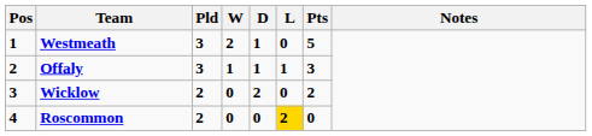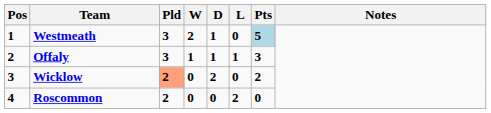 <table class="wikitable" style="text-align: centre;">
 <tr>
 <th width=20>Pos</th>
 <th width=150>Team</th>
 <th width=20>Pld</th>
 <th width=20>W</th>
 <th width=20>D</th>
 <th width=20>L</th>
 <th width=20>Pts</th>
 <th width=250>Notes</th>
 </tr>
 <tr style>
 <td><strong>1</strong></td>
 <td align=left><strong> <a href='#'>Westmeath</a> </strong></td>
 <td><strong>3</strong></td>
 <td><strong>2</strong></td>
 <td><strong>1</strong></td>
 <td><strong>0</strong></td>
-<td><strong>5</strong></td>
+<td style="background: lightblue;"><strong>5</strong></td>
 </tr>
 <tr style>
 <td><strong>2</strong></td>
 <td align=left><strong> <a href='#'>Offaly</a> </strong></td>
 <td><strong>3</strong></td>
 <td><strong>1</strong></td>
 <td><strong>1</strong></td>
 <td><strong>1</strong></td>
 <td><strong>3</strong></td>
 </tr>
 <tr style>
 <td><strong>3</strong></td>
 <td align=left><strong> <a href='#'>Wicklow</a> </strong></td>
-<td><strong>2</strong></td>
+<td style="background: lightsalmon;"><strong>2</strong></td>
 <td><strong>0</strong></td>
 <td><strong>2</strong></td>
 <td><strong>0</strong></td>
 <td><strong>2</strong></td>
 </tr>
 <tr style>
 <td><strong>4</strong></td>
 <td align=left><strong> <a href='#'>Roscommon</a> </strong></td>
 <td><strong>2</strong></td>
 <td><strong>0</strong></td>
 <td><strong>0</strong></td>
-<td style="background: gold;"><strong>2</strong></td>
+<td><strong>2</strong></td>
 <td><strong>0</strong></td>
 </tr>
 </table>
